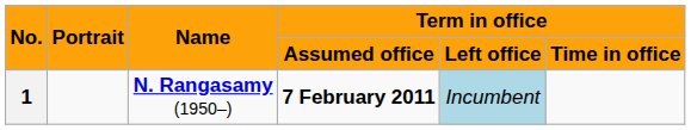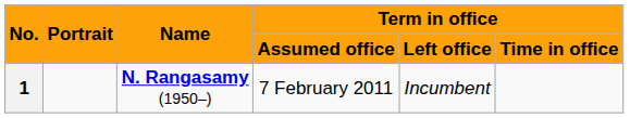 <table class="wikitable sortable" style="text-align: center;">
 <tr>
 <th rowspan=2 style="background-color:#FDA209;color:black">No.</th>
 <th rowspan=2 style="background-color:#FDA209;color:black">Portrait</th>
 <th rowspan=2 style="background-color:#FDA209;color:black">Name<br></th>
 <th colspan=3 style="background-color:#FDA209;color:black">Term in office</th>
 </tr>
 <tr>
 <th style="background-color:#FDA209;color:black">Assumed office</th>
 <th style="background-color:#FDA209;color:black">Left office</th>
 <th style="background-color:#FDA209;color:black">Time in office</th>
 </tr>
 <tr>
 <th>1</th>
 <td></td>
 <td><strong><a href='#'>N. Rangasamy</a></strong><br><small>(1950–)</small></td>
-<td><strong>7 February 2011</strong></td>
-<td style="background: lightblue;"><em>Incumbent</em></td>
+<td>7 February 2011</td>
+<td><em>Incumbent</em></td>
 <td></td>
 </tr>
 </table>
